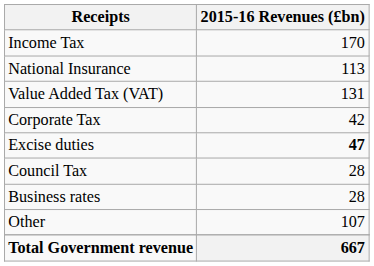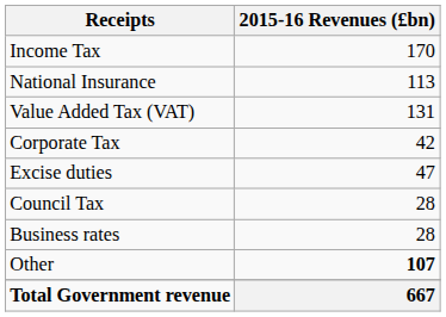 <table class="wikitable sortable">
 <tr>
 <th>Receipts</th>
 <th style="text-align: right">2015-16 Revenues (£bn)</th>
 </tr>
 <tr>
 <td>Income Tax</td>
 <td style="text-align: right">170</td>
 </tr>
 <tr>
 <td>National Insurance</td>
 <td style="text-align: right">113</td>
 </tr>
 <tr>
 <td>Value Added Tax (VAT)</td>
 <td style="text-align: right">131</td>
 </tr>
 <tr>
 <td>Corporate Tax</td>
 <td style="text-align: right">42</td>
 </tr>
 <tr>
 <td>Excise duties</td>
-<td style="text-align: right"><strong>47</strong></td>
+<td style="text-align: right">47</td>
 </tr>
 <tr>
 <td>Council Tax</td>
 <td style="text-align: right">28</td>
 </tr>
 <tr>
 <td>Business rates</td>
 <td style="text-align: right">28</td>
 </tr>
 <tr>
 <td>Other</td>
-<td style="text-align: right">107</td>
+<td style="text-align: right"><strong>107</strong></td>
 </tr>
 <tr>
 </tr>
 <tr class="sortbottom">
 <td style="text-align: left"><strong>Total Government revenue</strong></td>
 <th style="text-align: right">667</th>
 </tr>
 </table>
